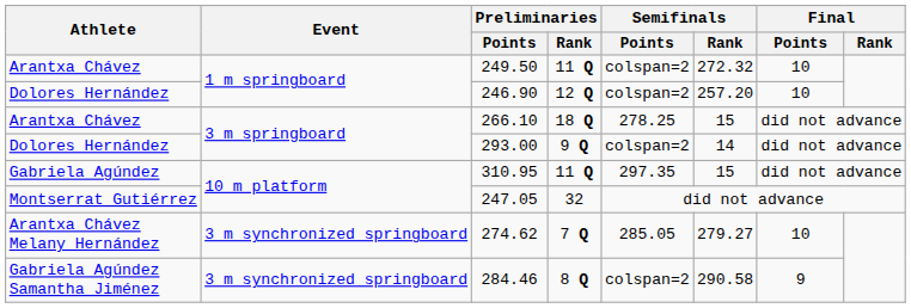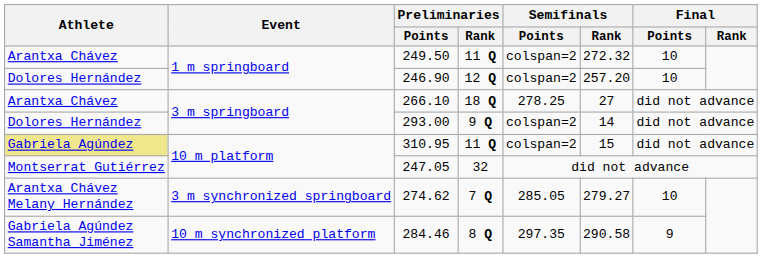 <table class=wikitable style="font-size:90%;">
 <tr>
 <th rowspan="2">Athlete</th>
 <th rowspan="2">Event</th>
 <th colspan="2">Preliminaries</th>
 <th colspan="2">Semifinals</th>
 <th colspan="2">Final</th>
 </tr>
 <tr style="font-size:95%">
 <th>Points</th>
 <th>Rank</th>
 <th>Points</th>
 <th>Rank</th>
 <th>Points</th>
 <th>Rank</th>
 </tr>
 <tr align=center>
 <td align=left><a href='#'>Arantxa Chávez</a></td>
 <td align=left rowspan=2><a href='#'>1 m springboard</a></td>
 <td>249.50</td>
 <td>11 <strong>Q</strong></td>
 <td>colspan=2 </td>
 <td>272.32</td>
 <td>10</td>
 </tr>
 <tr align=center>
 <td align=left><a href='#'>Dolores Hernández</a></td>
 <td>246.90</td>
 <td>12 <strong>Q</strong></td>
 <td>colspan=2 </td>
 <td>257.20</td>
 <td>10</td>
 </tr>
 <tr align=center>
 <td align=left><a href='#'>Arantxa Chávez</a></td>
 <td align=left rowspan=2><a href='#'>3 m springboard</a></td>
 <td>266.10</td>
 <td>18 <strong>Q</strong></td>
 <td>278.25</td>
-<td>15</td>
+<td>27</td>
 <td colspan=2>did not advance</td>
 </tr>
 <tr align=center>
 <td align=left><a href='#'>Dolores Hernández</a></td>
 <td>293.00</td>
 <td>9 <strong>Q</strong></td>
 <td>colspan=2 </td>
 <td>14</td>
 <td colspan=2>did not advance</td>
 </tr>
 <tr align=center>
-<td align=left><a href='#'>Gabriela Agúndez</a></td>
+<td align=left style="background: khaki;"><a href='#'>Gabriela Agúndez</a></td>
 <td align=left rowspan=2><a href='#'>10 m platform</a></td>
 <td>310.95</td>
 <td>11 <strong>Q</strong></td>
-<td>297.35</td>
+<td>colspan=2 </td>
 <td>15</td>
 <td colspan=2>did not advance</td>
 </tr>
 <tr align=center>
 <td align=left><a href='#'>Montserrat Gutiérrez</a></td>
 <td>247.05</td>
 <td>32</td>
 <td colspan=4>did not advance</td>
 </tr>
 <tr align=center>
 <td align=left><a href='#'>Arantxa Chávez</a><br><a href='#'>Melany Hernández</a></td>
 <td align=left><a href='#'>3 m synchronized springboard</a></td>
 <td>274.62</td>
 <td>7 <strong>Q</strong></td>
 <td>285.05</td>
 <td>279.27</td>
 <td>10</td>
 </tr>
 <tr align=center>
 <td align=left><a href='#'>Gabriela Agúndez</a><br><a href='#'>Samantha Jiménez</a></td>
-<td align=left><a href='#'>3 m synchronized springboard</a></td>
+<td align=left><a href='#'>10 m synchronized platform</a></td>
 <td>284.46</td>
 <td>8 <strong>Q</strong></td>
-<td>colspan=2 </td>
+<td>297.35</td>
 <td>290.58</td>
 <td>9</td>
 </tr>
 </table>
